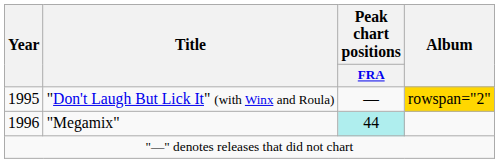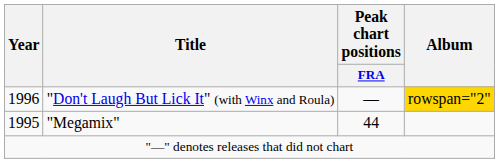 <table class="wikitable" style="text-align:center;">
 <tr>
 <th rowspan="2">Year</th>
 <th rowspan="2">Title</th>
 <th colspan="1">Peak chart positions</th>
 <th rowspan="2">Album</th>
 </tr>
 <tr style="font-size:smaller;">
 <th width="35"><a href='#'>FRA</a><br></th>
 </tr>
 <tr>
-<td>1995</td>
+<td>1996</td>
 <td align="left">"<a href='#'>Don't Laugh But Lick It</a>" <small>(with <a href='#'>Winx</a> and Roula)</small></td>
 <td>—</td>
 <td style="background: gold;">rowspan="2" </td>
 </tr>
 <tr>
-<td>1996</td>
+<td>1995</td>
 <td align="left">"Megamix"</td>
-<td style="background: paleturquoise;">44</td>
+<td>44</td>
 </tr>
 <tr>
 <td colspan="4" style="font-size:85%">"—" denotes releases that did not chart</td>
 </tr>
 </table>
